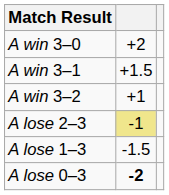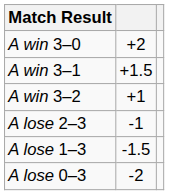 <table class="wikitable" style="font-size: 100%; text-align: center;">
 <tr>
 <th>Match Result</th>
 <th></th>
 <th></th>
 </tr>
 <tr>
 <td style="text-align: left;"><em>A win</em> 3–0</td>
 <td>+2</td>
 <td></td>
 </tr>
 <tr>
 <td style="text-align: left;"><em>A win</em> 3–1</td>
 <td>+1.5</td>
 <td></td>
 </tr>
 <tr>
 <td style="text-align: left;"><em>A win</em> 3–2</td>
 <td>+1</td>
 <td></td>
 </tr>
 <tr>
 <td style="text-align: left;"><em>A lose</em> 2–3</td>
-<td style="background: khaki;">-1</td>
+<td>-1</td>
 <td></td>
 </tr>
 <tr>
 <td style="text-align: left;"><em>A lose</em> 1–3</td>
 <td>-1.5</td>
 <td></td>
 </tr>
 <tr>
 <td style="text-align: left;"><em>A lose</em> 0–3</td>
-<td><strong>-2</strong></td>
+<td>-2</td>
 <td></td>
 </tr>
 </table>
